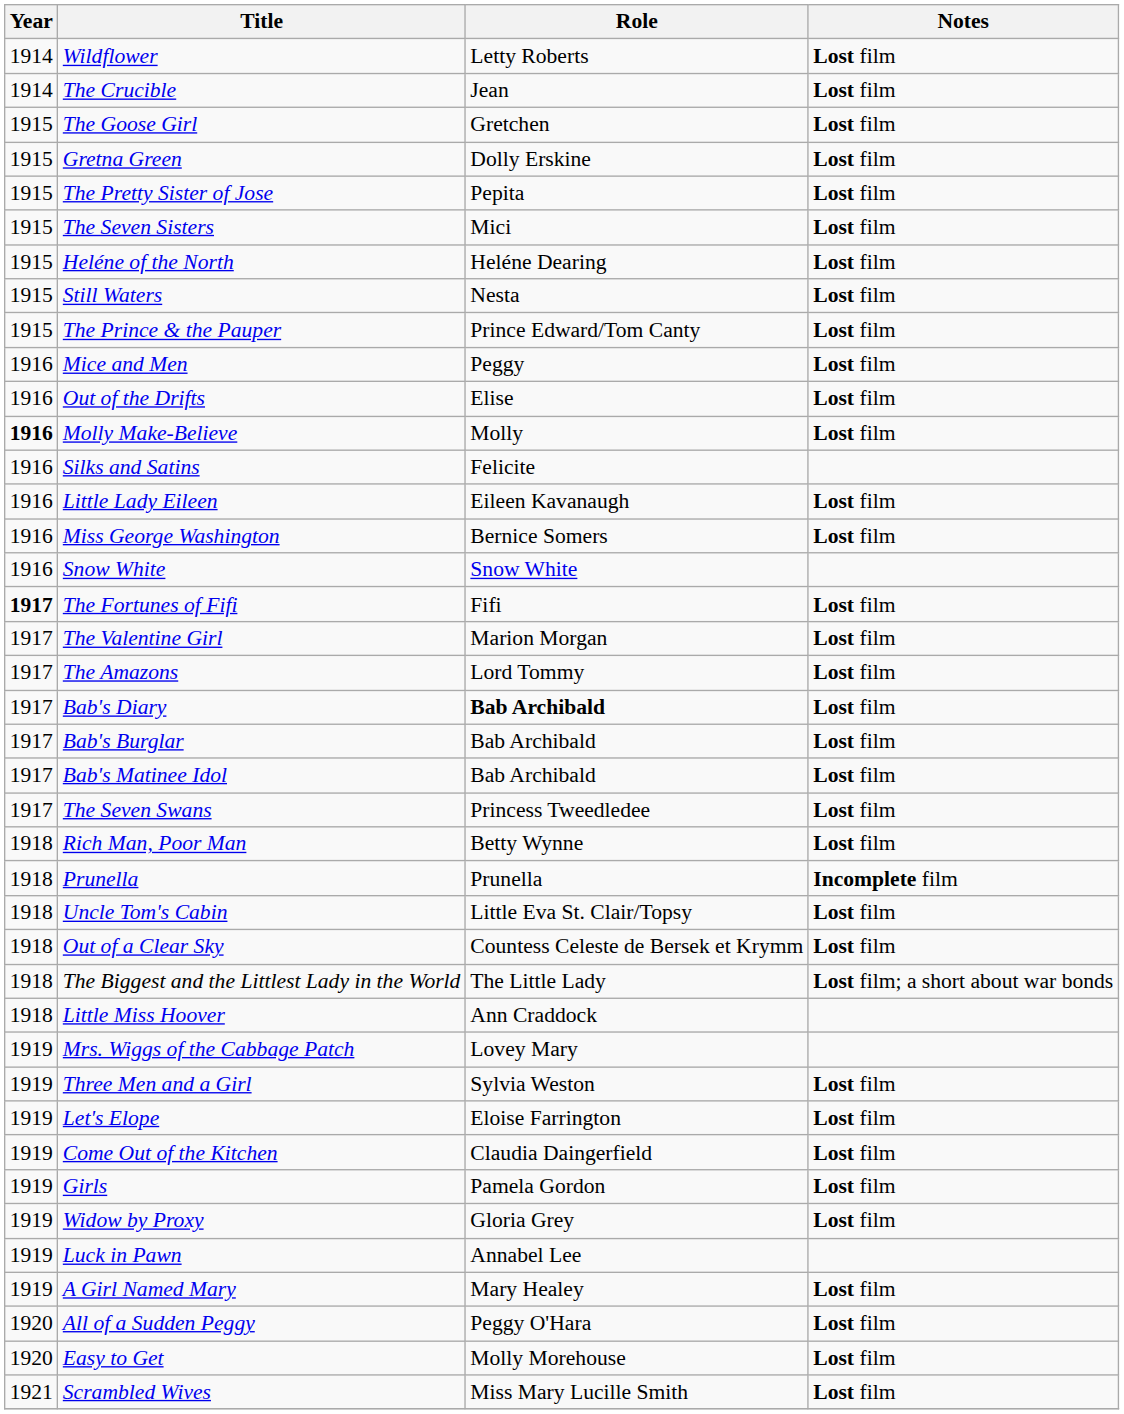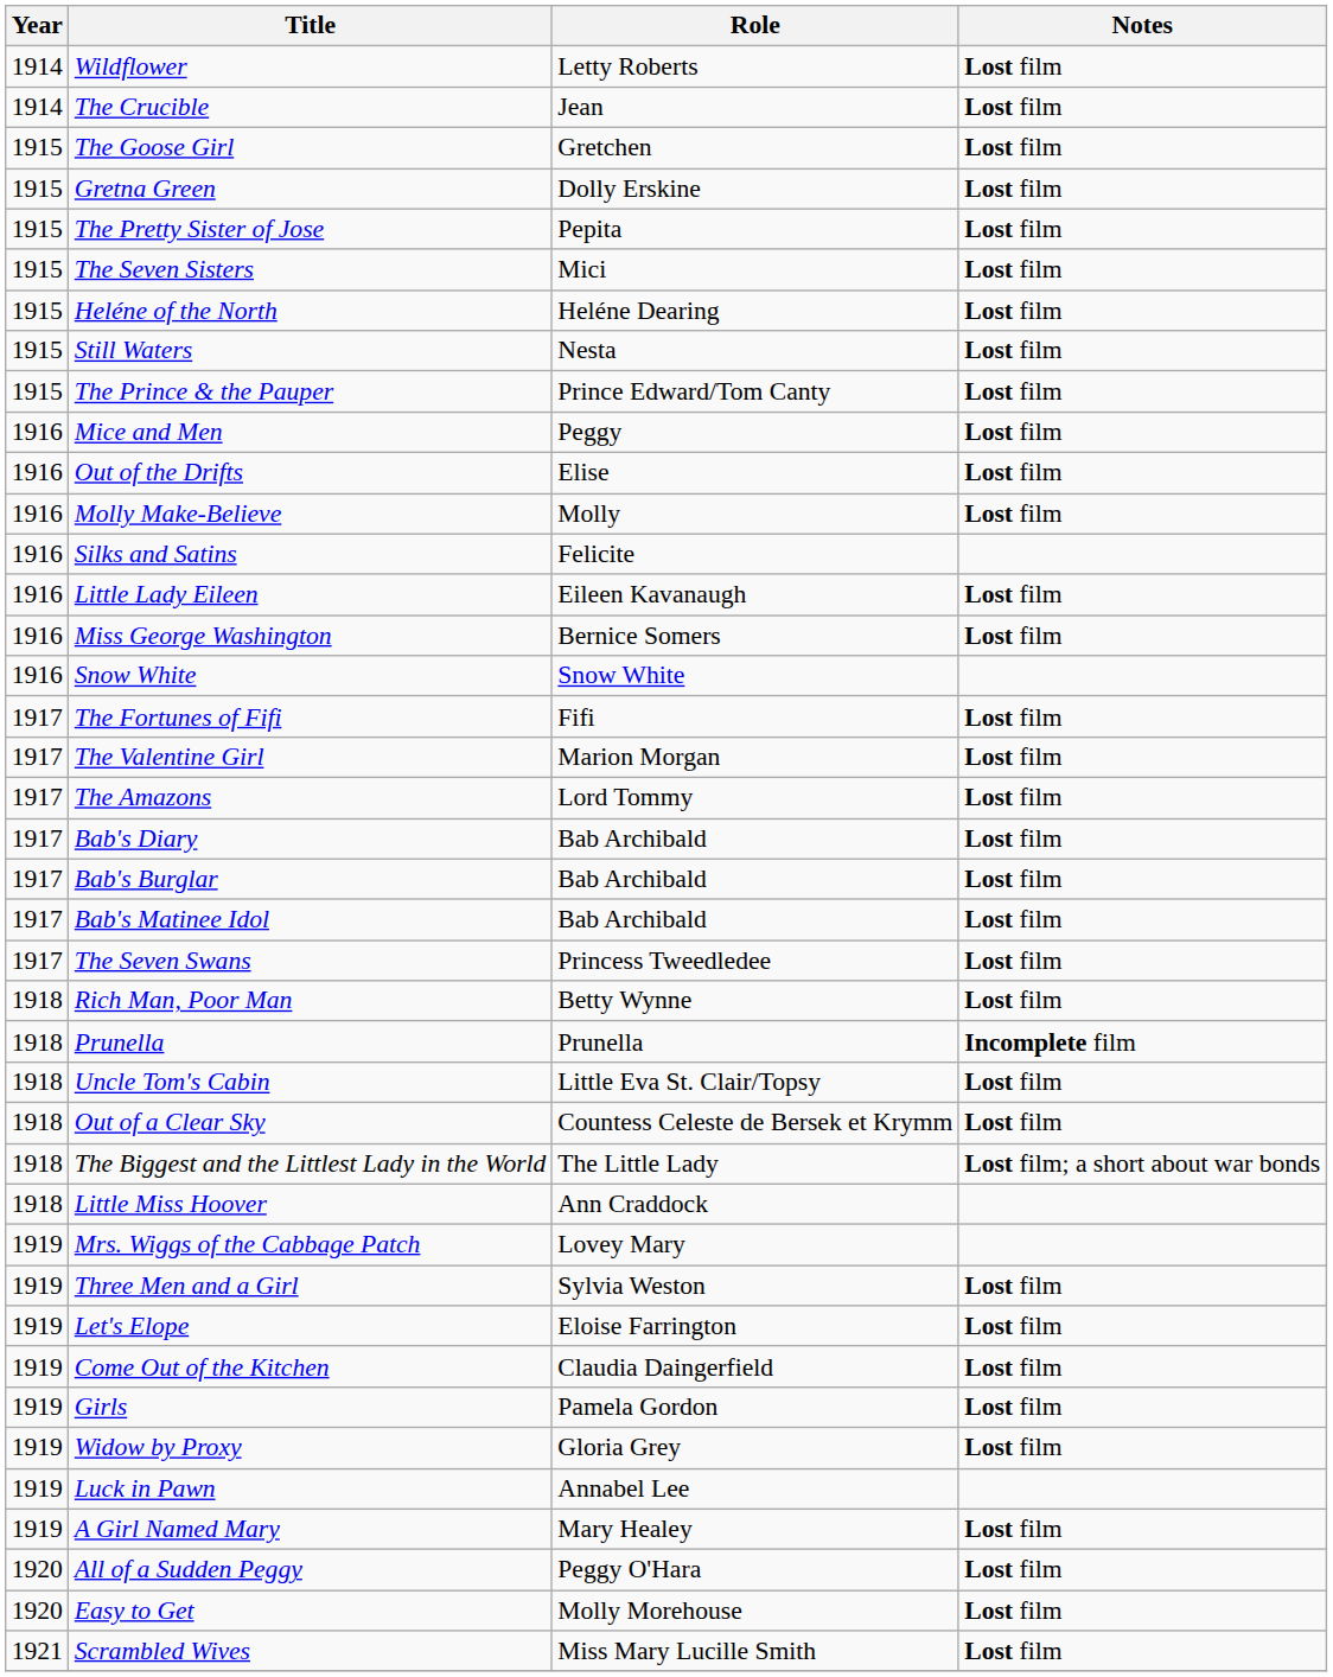 <table class="wikitable sortable">
 <tr>
 <th>Year</th>
 <th>Title</th>
 <th>Role</th>
 <th class="unsortable">Notes</th>
 </tr>
 <tr>
 <td>1914</td>
 <td><em><a href='#'>Wildflower</a></em></td>
 <td>Letty Roberts</td>
 <td><strong>Lost</strong> film</td>
 </tr>
 <tr>
 <td>1914</td>
 <td><em><a href='#'>The Crucible</a></em></td>
 <td>Jean</td>
 <td><strong>Lost</strong> film</td>
 </tr>
 <tr>
 <td>1915</td>
 <td><em><a href='#'>The Goose Girl</a></em></td>
 <td>Gretchen</td>
 <td><strong>Lost</strong> film</td>
 </tr>
 <tr>
 <td>1915</td>
 <td><em><a href='#'>Gretna Green</a></em></td>
 <td>Dolly Erskine</td>
 <td><strong>Lost</strong> film</td>
 </tr>
 <tr>
 <td>1915</td>
 <td><em><a href='#'>The Pretty Sister of Jose</a></em></td>
 <td>Pepita</td>
 <td><strong>Lost</strong> film</td>
 </tr>
 <tr>
 <td>1915</td>
 <td><em><a href='#'>The Seven Sisters</a></em></td>
 <td>Mici</td>
 <td><strong>Lost</strong> film</td>
 </tr>
 <tr>
 <td>1915</td>
 <td><em><a href='#'>Heléne of the North</a></em></td>
 <td>Heléne Dearing</td>
 <td><strong>Lost</strong> film</td>
 </tr>
 <tr>
 <td>1915</td>
 <td><em><a href='#'>Still Waters</a></em></td>
 <td>Nesta</td>
 <td><strong>Lost</strong> film</td>
 </tr>
 <tr>
 <td>1915</td>
 <td><em><a href='#'>The Prince & the Pauper</a></em></td>
 <td>Prince Edward/Tom Canty</td>
 <td><strong>Lost</strong> film</td>
 </tr>
 <tr>
 <td>1916</td>
 <td><em><a href='#'>Mice and Men</a></em></td>
 <td>Peggy</td>
 <td><strong>Lost</strong> film</td>
 </tr>
 <tr>
 <td>1916</td>
 <td><em><a href='#'>Out of the Drifts</a></em></td>
 <td>Elise</td>
 <td><strong>Lost</strong> film</td>
 </tr>
 <tr>
-<td><strong>1916</strong></td>
+<td>1916</td>
 <td><em><a href='#'>Molly Make-Believe</a></em></td>
 <td>Molly</td>
 <td><strong>Lost</strong> film</td>
 </tr>
 <tr>
 <td>1916</td>
 <td><em><a href='#'>Silks and Satins</a></em></td>
 <td>Felicite</td>
 <td></td>
 </tr>
 <tr>
 <td>1916</td>
 <td><em><a href='#'>Little Lady Eileen</a></em></td>
 <td>Eileen Kavanaugh</td>
 <td><strong>Lost</strong> film</td>
 </tr>
 <tr>
 <td>1916</td>
 <td><em><a href='#'>Miss George Washington</a></em></td>
 <td>Bernice Somers</td>
 <td><strong>Lost</strong> film</td>
 </tr>
 <tr>
 <td>1916</td>
 <td><em><a href='#'>Snow White</a></em></td>
 <td><a href='#'>Snow White</a></td>
 <td></td>
 </tr>
 <tr>
-<td><strong>1917</strong></td>
+<td>1917</td>
 <td><em><a href='#'>The Fortunes of Fifi</a></em></td>
 <td>Fifi</td>
 <td><strong>Lost</strong> film</td>
 </tr>
 <tr>
 <td>1917</td>
 <td><em><a href='#'>The Valentine Girl</a></em></td>
 <td>Marion Morgan</td>
 <td><strong>Lost</strong> film</td>
 </tr>
 <tr>
 <td>1917</td>
 <td><em><a href='#'>The Amazons</a></em></td>
 <td>Lord Tommy</td>
 <td><strong>Lost</strong> film</td>
 </tr>
 <tr>
 <td>1917</td>
 <td><em><a href='#'>Bab's Diary</a></em></td>
-<td><strong>Bab Archibald</strong></td>
+<td>Bab Archibald</td>
 <td><strong>Lost</strong> film</td>
 </tr>
 <tr>
 <td>1917</td>
 <td><em><a href='#'>Bab's Burglar</a></em></td>
 <td>Bab Archibald</td>
 <td><strong>Lost</strong> film</td>
 </tr>
 <tr>
 <td>1917</td>
 <td><em><a href='#'>Bab's Matinee Idol</a></em></td>
 <td>Bab Archibald</td>
 <td><strong>Lost</strong> film</td>
 </tr>
 <tr>
 <td>1917</td>
 <td><em><a href='#'>The Seven Swans</a></em></td>
 <td>Princess Tweedledee</td>
 <td><strong>Lost</strong> film</td>
 </tr>
 <tr>
 <td>1918</td>
 <td><em><a href='#'>Rich Man, Poor Man</a></em></td>
 <td>Betty Wynne</td>
 <td><strong>Lost</strong> film</td>
 </tr>
 <tr>
 <td>1918</td>
 <td><em><a href='#'>Prunella</a></em></td>
 <td>Prunella</td>
 <td><strong>Incomplete</strong> film</td>
 </tr>
 <tr>
 <td>1918</td>
 <td><em><a href='#'>Uncle Tom's Cabin</a></em></td>
 <td>Little Eva St. Clair/Topsy</td>
 <td><strong>Lost</strong> film</td>
 </tr>
 <tr>
 <td>1918</td>
 <td><em><a href='#'>Out of a Clear Sky</a></em></td>
 <td>Countess Celeste de Bersek et Krymm</td>
 <td><strong>Lost</strong> film</td>
 </tr>
 <tr>
 <td>1918</td>
 <td><em>The Biggest and the Littlest Lady in the World</em></td>
 <td>The Little Lady</td>
 <td><strong>Lost</strong> film; a short about war bonds</td>
 </tr>
 <tr>
 <td>1918</td>
 <td><em><a href='#'>Little Miss Hoover</a></em></td>
 <td>Ann Craddock</td>
 <td></td>
 </tr>
 <tr>
 <td>1919</td>
 <td><em><a href='#'>Mrs. Wiggs of the Cabbage Patch</a></em></td>
 <td>Lovey Mary</td>
 <td></td>
 </tr>
 <tr>
 <td>1919</td>
 <td><em><a href='#'>Three Men and a Girl</a></em></td>
 <td>Sylvia Weston</td>
 <td><strong>Lost</strong> film</td>
 </tr>
 <tr>
 <td>1919</td>
 <td><em><a href='#'>Let's Elope</a></em></td>
 <td>Eloise Farrington</td>
 <td><strong>Lost</strong> film</td>
 </tr>
 <tr>
 <td>1919</td>
 <td><em><a href='#'>Come Out of the Kitchen</a></em></td>
 <td>Claudia Daingerfield</td>
 <td><strong>Lost</strong> film</td>
 </tr>
 <tr>
 <td>1919</td>
 <td><em><a href='#'>Girls</a></em></td>
 <td>Pamela Gordon</td>
 <td><strong>Lost</strong> film</td>
 </tr>
 <tr>
 <td>1919</td>
 <td><em><a href='#'>Widow by Proxy</a></em></td>
 <td>Gloria Grey</td>
 <td><strong>Lost</strong> film</td>
 </tr>
 <tr>
 <td>1919</td>
 <td><em><a href='#'>Luck in Pawn</a></em></td>
 <td>Annabel Lee</td>
 <td></td>
 </tr>
 <tr>
 <td>1919</td>
 <td><em><a href='#'>A Girl Named Mary</a></em></td>
 <td>Mary Healey</td>
 <td><strong>Lost</strong> film</td>
 </tr>
 <tr>
 <td>1920</td>
 <td><em><a href='#'>All of a Sudden Peggy</a></em></td>
 <td>Peggy O'Hara</td>
 <td><strong>Lost</strong> film</td>
 </tr>
 <tr>
 <td>1920</td>
 <td><em><a href='#'>Easy to Get</a></em></td>
 <td>Molly Morehouse</td>
 <td><strong>Lost</strong> film</td>
 </tr>
 <tr>
 <td>1921</td>
 <td><em><a href='#'>Scrambled Wives</a></em></td>
 <td>Miss Mary Lucille Smith</td>
 <td><strong>Lost</strong> film</td>
 </tr>
 <tr>
 </tr>
 </table>
